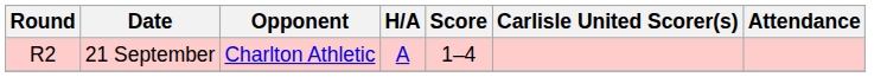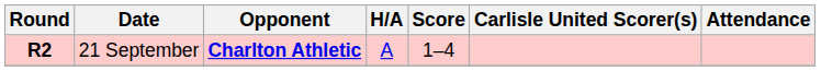 <table class="wikitable" style="text-align:center">
 <tr>
 <th>Round</th>
 <th>Date</th>
 <th>Opponent</th>
 <th>H/A</th>
 <th>Score</th>
 <th>Carlisle United Scorer(s)</th>
 <th>Attendance</th>
 </tr>
 <tr bgcolor=#FFCCCC>
-<td>R2</td>
+<td><strong>R2</strong></td>
 <td align=left>21 September</td>
-<td align=left><a href='#'>Charlton Athletic</a></td>
+<td align=left><strong><a href='#'>Charlton Athletic</a></strong></td>
 <td><a href='#'>A</a></td>
 <td>1–4</td>
 <td align=left></td>
 <td></td>
 </tr>
 <tr>
 </tr>
 </table>
